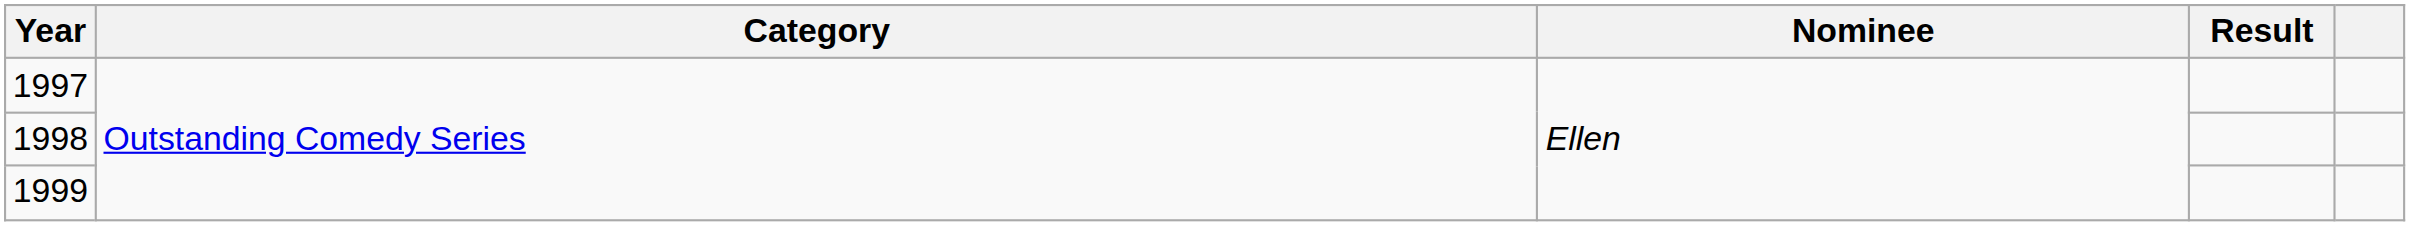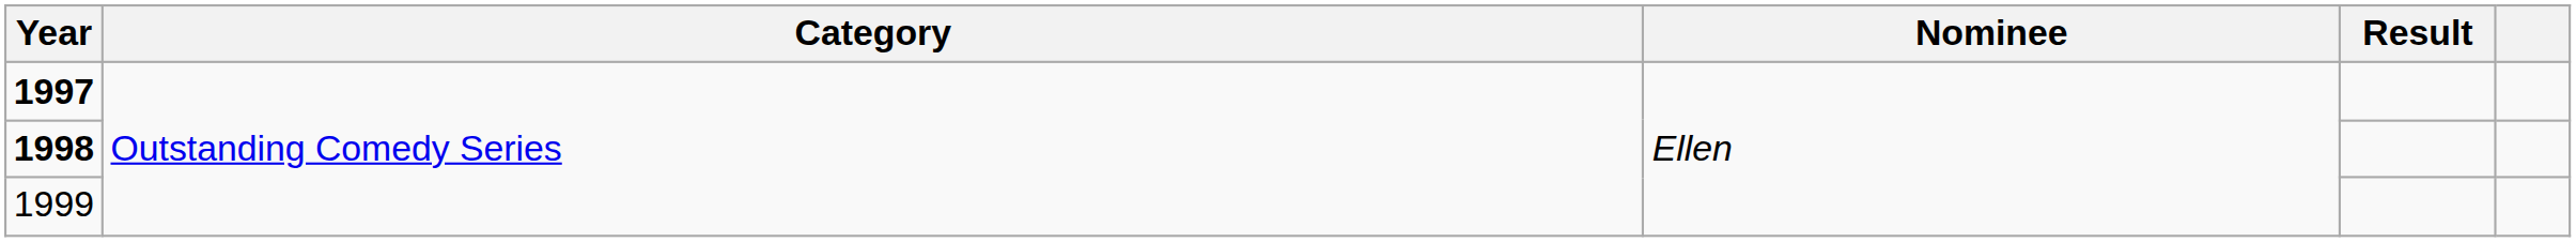 <table class="wikitable" width=90%>
 <tr>
 <th scope="col">Year</th>
 <th width="800" scope="col">Category</th>
 <th width="350" scope="col">Nominee</th>
 <th width="65" scope="col">Result</th>
 <th width="30" scope="col"></th>
 </tr>
 <tr>
-<td>1997</td>
+<td><strong>1997</strong></td>
 <td scope="row" rowspan="3"><a href='#'>Outstanding Comedy Series</a></td>
 <td rowspan="3"><em>Ellen</em></td>
 <td></td>
 <td style="text-align:center;"></td>
 </tr>
 <tr>
-<td>1998</td>
+<td><strong>1998</strong></td>
 <td></td>
 <td style="text-align:center;"></td>
 </tr>
 <tr>
 <td>1999</td>
 <td></td>
 <td style="text-align:center;"></td>
 </tr>
 </table>
